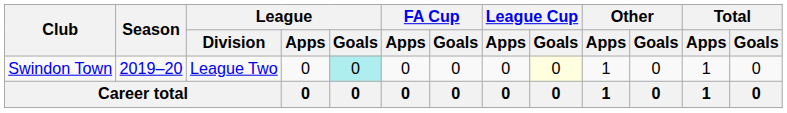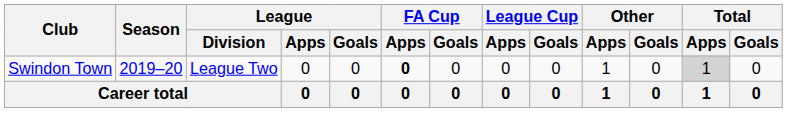 <table class="wikitable" style="text-align: center">
 <tr>
 <th rowspan="2">Club</th>
 <th rowspan="2">Season</th>
 <th colspan="3">League</th>
 <th colspan="2"><a href='#'>FA Cup</a></th>
 <th colspan="2"><a href='#'>League Cup</a></th>
 <th colspan="2">Other</th>
 <th colspan="2">Total</th>
 </tr>
 <tr>
 <th>Division</th>
 <th>Apps</th>
 <th>Goals</th>
 <th>Apps</th>
 <th>Goals</th>
 <th>Apps</th>
 <th>Goals</th>
 <th>Apps</th>
 <th>Goals</th>
 <th>Apps</th>
 <th>Goals</th>
 </tr>
 <tr>
 <td><a href='#'>Swindon Town</a></td>
 <td><a href='#'>2019–20</a></td>
 <td><a href='#'>League Two</a></td>
 <td>0</td>
-<td style="background: paleturquoise;">0</td>
+<td>0</td>
+<td><strong>0</strong></td>
 <td>0</td>
 <td>0</td>
 <td>0</td>
-<td style="background: lightyellow;">0</td>
 <td>1</td>
 <td>0</td>
-<td>1</td>
+<td style="background: lightgrey;">1</td>
 <td>0</td>
 </tr>
 <tr>
 <th colspan="3">Career total</th>
 <th>0</th>
 <th>0</th>
 <th>0</th>
 <th>0</th>
 <th>0</th>
 <th>0</th>
 <th>1</th>
 <th>0</th>
 <th>1</th>
 <th>0</th>
 </tr>
 </table>
